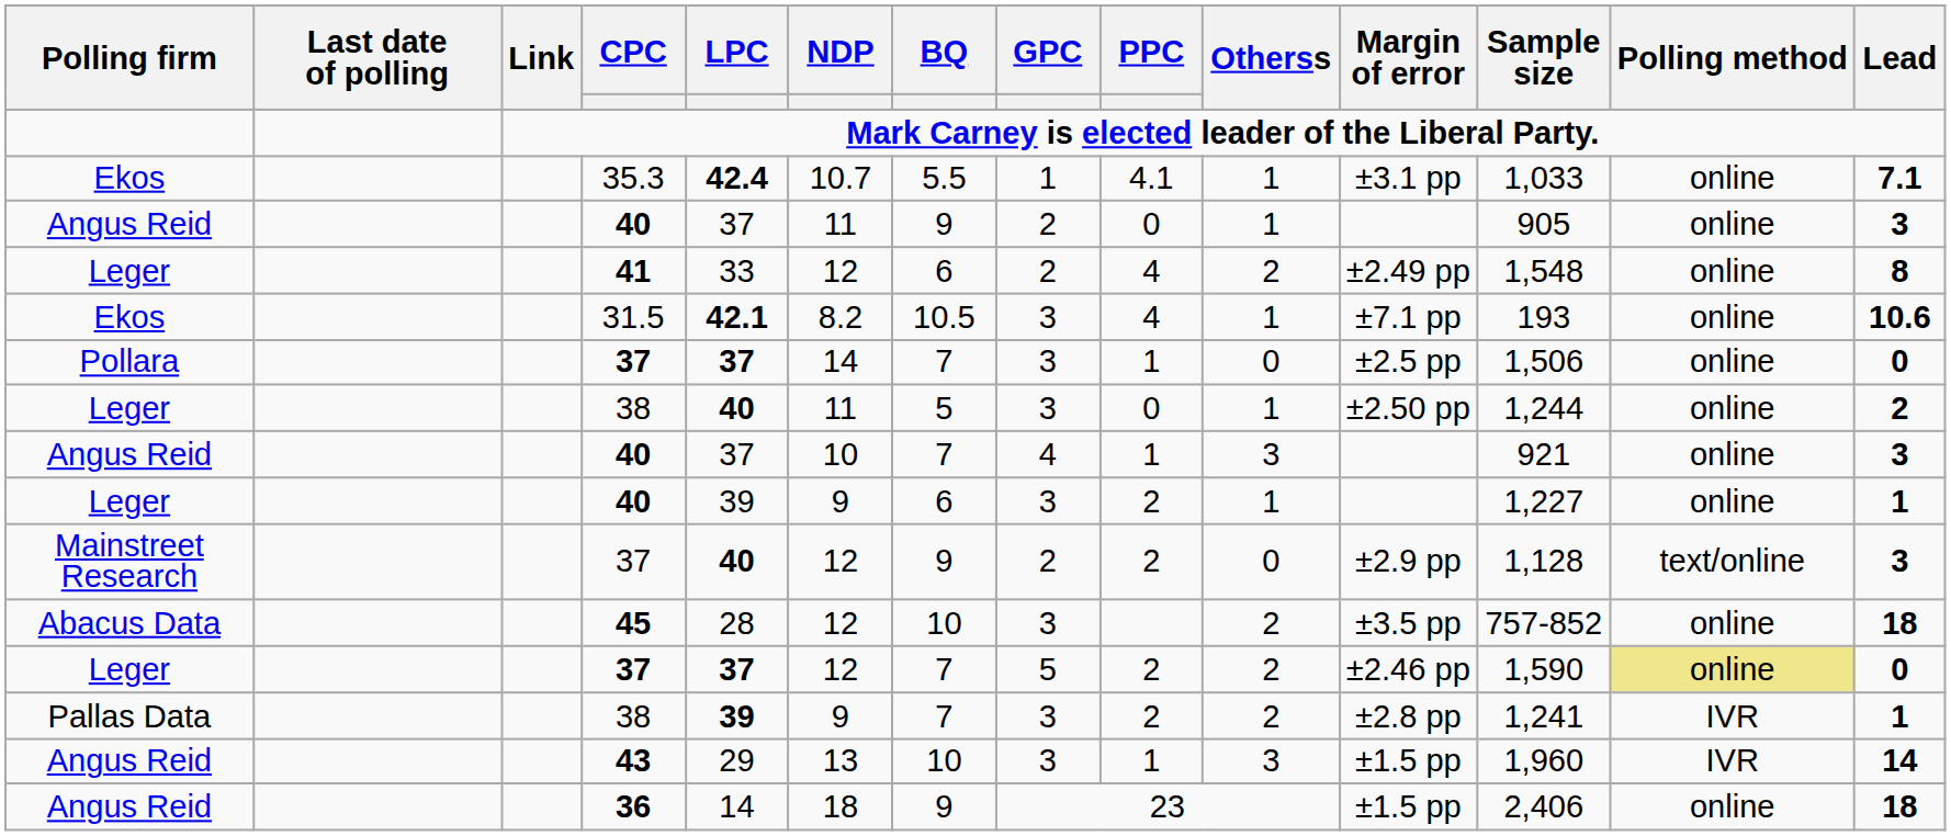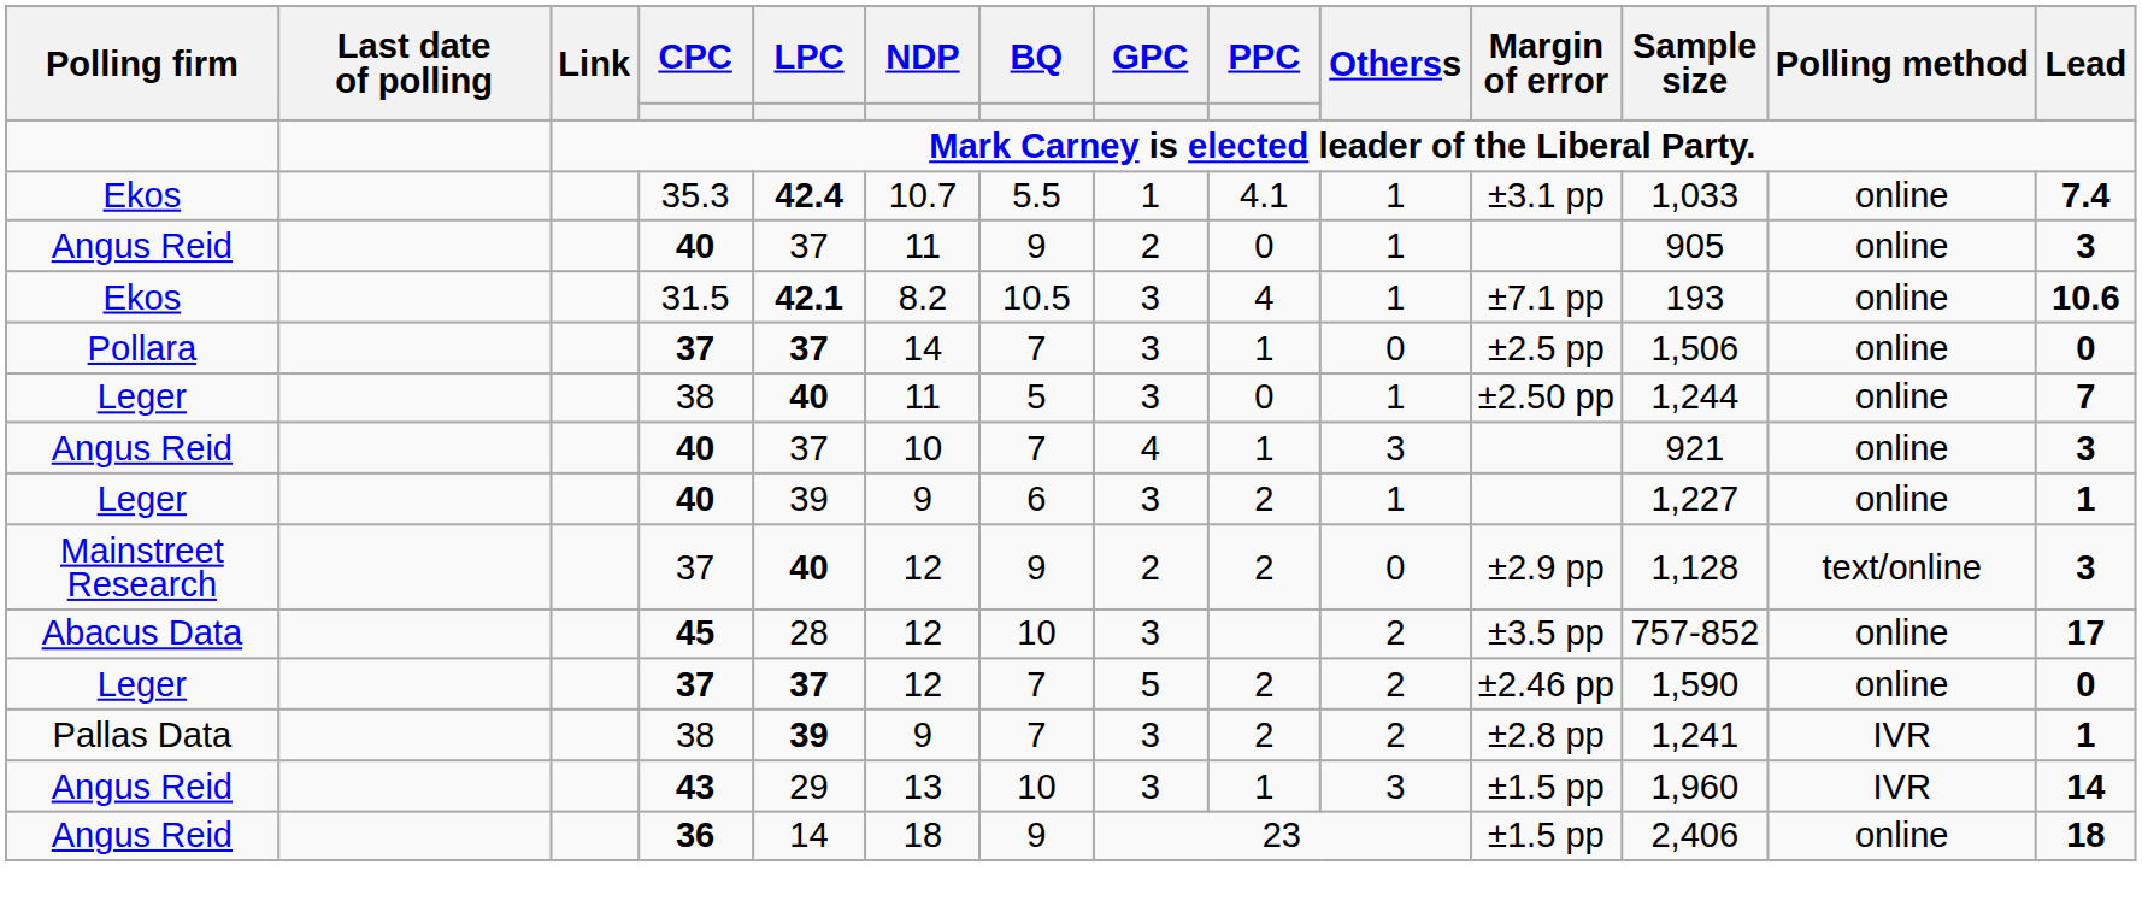 <table class="wikitable sortable mw-datatable" style="text-align:center;font-size:90%;line-height:14px;">
 <tr style="height:40px;">
 <th style="width:105px;" rowspan="2">Polling firm</th>
 <th style="width:105px;" rowspan="2">Last date<br>of polling</th>
 <th rowspan="2">Link</th>
 <th style="width:40px;"><a href='#'>CPC</a></th>
 <th style="width:40px;"><a href='#'>LPC</a></th>
 <th style="width:40px;"><a href='#'>NDP</a></th>
 <th style="width:40px;"><a href='#'>BQ</a></th>
 <th style="width:40px;"><a href='#'>GPC</a></th>
 <th style="width:40px;"><a href='#'>PPC</a></th>
 <th rowspan="2" style="width:40px"><a href='#'>Others</a>s</th>
 <th rowspan="2">Margin<br>of error</th>
 <th rowspan="2">Sample<br>size</th>
 <th rowspan="2">Polling method</th>
 <th rowspan="2">Lead</th>
 </tr>
 <tr class="sorttop">
 <th style="background:"></th>
 <th style="background:"></th>
 <th style="background:"></th>
 <th style="background:"></th>
 <th style="background:"></th>
 <th style="background:"></th>
 </tr>
 <tr>
 <td></td>
 <td><strong></strong></td>
 <td colspan="12"><strong><a href='#'>Mark Carney</a> is <a href='#'>elected</a> leader of the Liberal Party.</strong></td>
 </tr>
 <tr>
 <td><a href='#'>Ekos</a></td>
 <td></td>
 <td></td>
 <td>35.3</td>
 <td><strong>42.4</strong></td>
 <td>10.7</td>
 <td>5.5</td>
 <td>1</td>
 <td>4.1</td>
 <td>1</td>
 <td>±3.1 pp</td>
 <td>1,033</td>
 <td>online</td>
-<td><strong>7.1</strong></td>
+<td><strong>7.4</strong></td>
 </tr>
 <tr>
 <td><a href='#'>Angus Reid</a></td>
 <td></td>
 <td></td>
 <td><strong>40</strong></td>
 <td>37</td>
 <td>11</td>
 <td>9</td>
 <td>2</td>
 <td>0</td>
 <td>1</td>
 <td></td>
 <td>905</td>
 <td>online</td>
 <td><strong>3</strong></td>
-</tr>
-<tr>
-<td><a href='#'>Leger</a></td>
-<td></td>
-<td></td>
-<td><strong>41</strong></td>
-<td>33</td>
-<td>12</td>
-<td>6</td>
-<td>2</td>
-<td>4</td>
-<td>2</td>
-<td>±2.49 pp</td>
-<td>1,548</td>
-<td>online</td>
-<td><strong>8</strong></td>
 </tr>
 <tr>
 <td><a href='#'>Ekos</a></td>
 <td></td>
 <td></td>
 <td>31.5</td>
 <td><strong>42.1</strong></td>
 <td>8.2</td>
 <td>10.5</td>
 <td>3</td>
 <td>4</td>
 <td>1</td>
 <td>±7.1 pp</td>
 <td>193</td>
 <td>online</td>
 <td><strong>10.6</strong></td>
 </tr>
 <tr>
 <td><a href='#'>Pollara</a></td>
 <td></td>
 <td></td>
 <td><strong>37</strong></td>
 <td><strong>37</strong></td>
 <td>14</td>
 <td>7</td>
 <td>3</td>
 <td>1</td>
 <td>0</td>
 <td>±2.5 pp</td>
 <td>1,506</td>
 <td>online</td>
 <td><strong>0</strong></td>
 </tr>
 <tr>
 <td><a href='#'>Leger</a></td>
 <td></td>
 <td></td>
 <td>38</td>
 <td><strong>40</strong></td>
 <td>11</td>
 <td>5</td>
 <td>3</td>
 <td>0</td>
 <td>1</td>
 <td>±2.50 pp</td>
 <td>1,244</td>
 <td>online</td>
-<td><strong>2</strong></td>
+<td><strong>7</strong></td>
 </tr>
 <tr>
 <td><a href='#'>Angus Reid</a></td>
 <td></td>
 <td></td>
 <td><strong>40</strong></td>
 <td>37</td>
 <td>10</td>
 <td>7</td>
 <td>4</td>
 <td>1</td>
 <td>3</td>
 <td></td>
 <td>921</td>
 <td>online</td>
 <td><strong>3</strong></td>
 </tr>
 <tr>
 <td><a href='#'>Leger</a></td>
 <td></td>
 <td></td>
 <td><strong>40</strong></td>
 <td>39</td>
 <td>9</td>
 <td>6</td>
 <td>3</td>
 <td>2</td>
 <td>1</td>
 <td></td>
 <td>1,227</td>
 <td>online</td>
 <td><strong>1</strong></td>
 </tr>
 <tr>
 <td><a href='#'>Mainstreet Research</a></td>
 <td></td>
 <td></td>
 <td>37</td>
 <td><strong>40</strong></td>
 <td>12</td>
 <td>9</td>
 <td>2</td>
 <td>2</td>
 <td>0</td>
 <td>±2.9 pp</td>
 <td>1,128</td>
 <td>text/online</td>
 <td><strong>3</strong></td>
 </tr>
 <tr>
 <td><a href='#'>Abacus Data</a></td>
 <td></td>
 <td></td>
 <td><strong>45</strong></td>
 <td>28</td>
 <td>12</td>
 <td>10</td>
 <td>3</td>
 <td></td>
 <td>2</td>
 <td>±3.5 pp</td>
 <td>757-852</td>
 <td>online</td>
-<td><strong>18</strong></td>
+<td><strong>17</strong></td>
 </tr>
 <tr>
 <td><a href='#'>Leger</a></td>
 <td></td>
 <td></td>
 <td><strong>37</strong></td>
 <td><strong>37</strong></td>
 <td>12</td>
 <td>7</td>
 <td>5</td>
 <td>2</td>
 <td>2</td>
 <td>±2.46 pp</td>
 <td>1,590</td>
-<td style="background: khaki;">online</td>
+<td>online</td>
 <td><strong>0</strong></td>
 </tr>
 <tr>
 <td>Pallas Data</td>
 <td></td>
 <td></td>
 <td>38</td>
 <td><strong>39</strong></td>
 <td>9</td>
 <td>7</td>
 <td>3</td>
 <td>2</td>
 <td>2</td>
 <td>±2.8 pp</td>
 <td>1,241</td>
 <td>IVR</td>
 <td><strong>1</strong></td>
 </tr>
 <tr>
 <td><a href='#'>Angus Reid</a></td>
 <td></td>
 <td></td>
 <td><strong>43</strong></td>
 <td>29</td>
 <td>13</td>
 <td>10</td>
 <td>3</td>
 <td>1</td>
 <td>3</td>
 <td>±1.5 pp</td>
 <td>1,960</td>
 <td>IVR</td>
 <td><strong>14</strong></td>
 </tr>
 <tr>
 <td><a href='#'>Angus Reid</a></td>
 <td></td>
 <td></td>
 <td><strong>36</strong></td>
 <td>14</td>
 <td>18</td>
 <td>9</td>
 <td colspan=3>23</td>
 <td>±1.5 pp</td>
 <td>2,406</td>
 <td>online</td>
 <td><strong>18</strong></td>
 </tr>
 </table>
